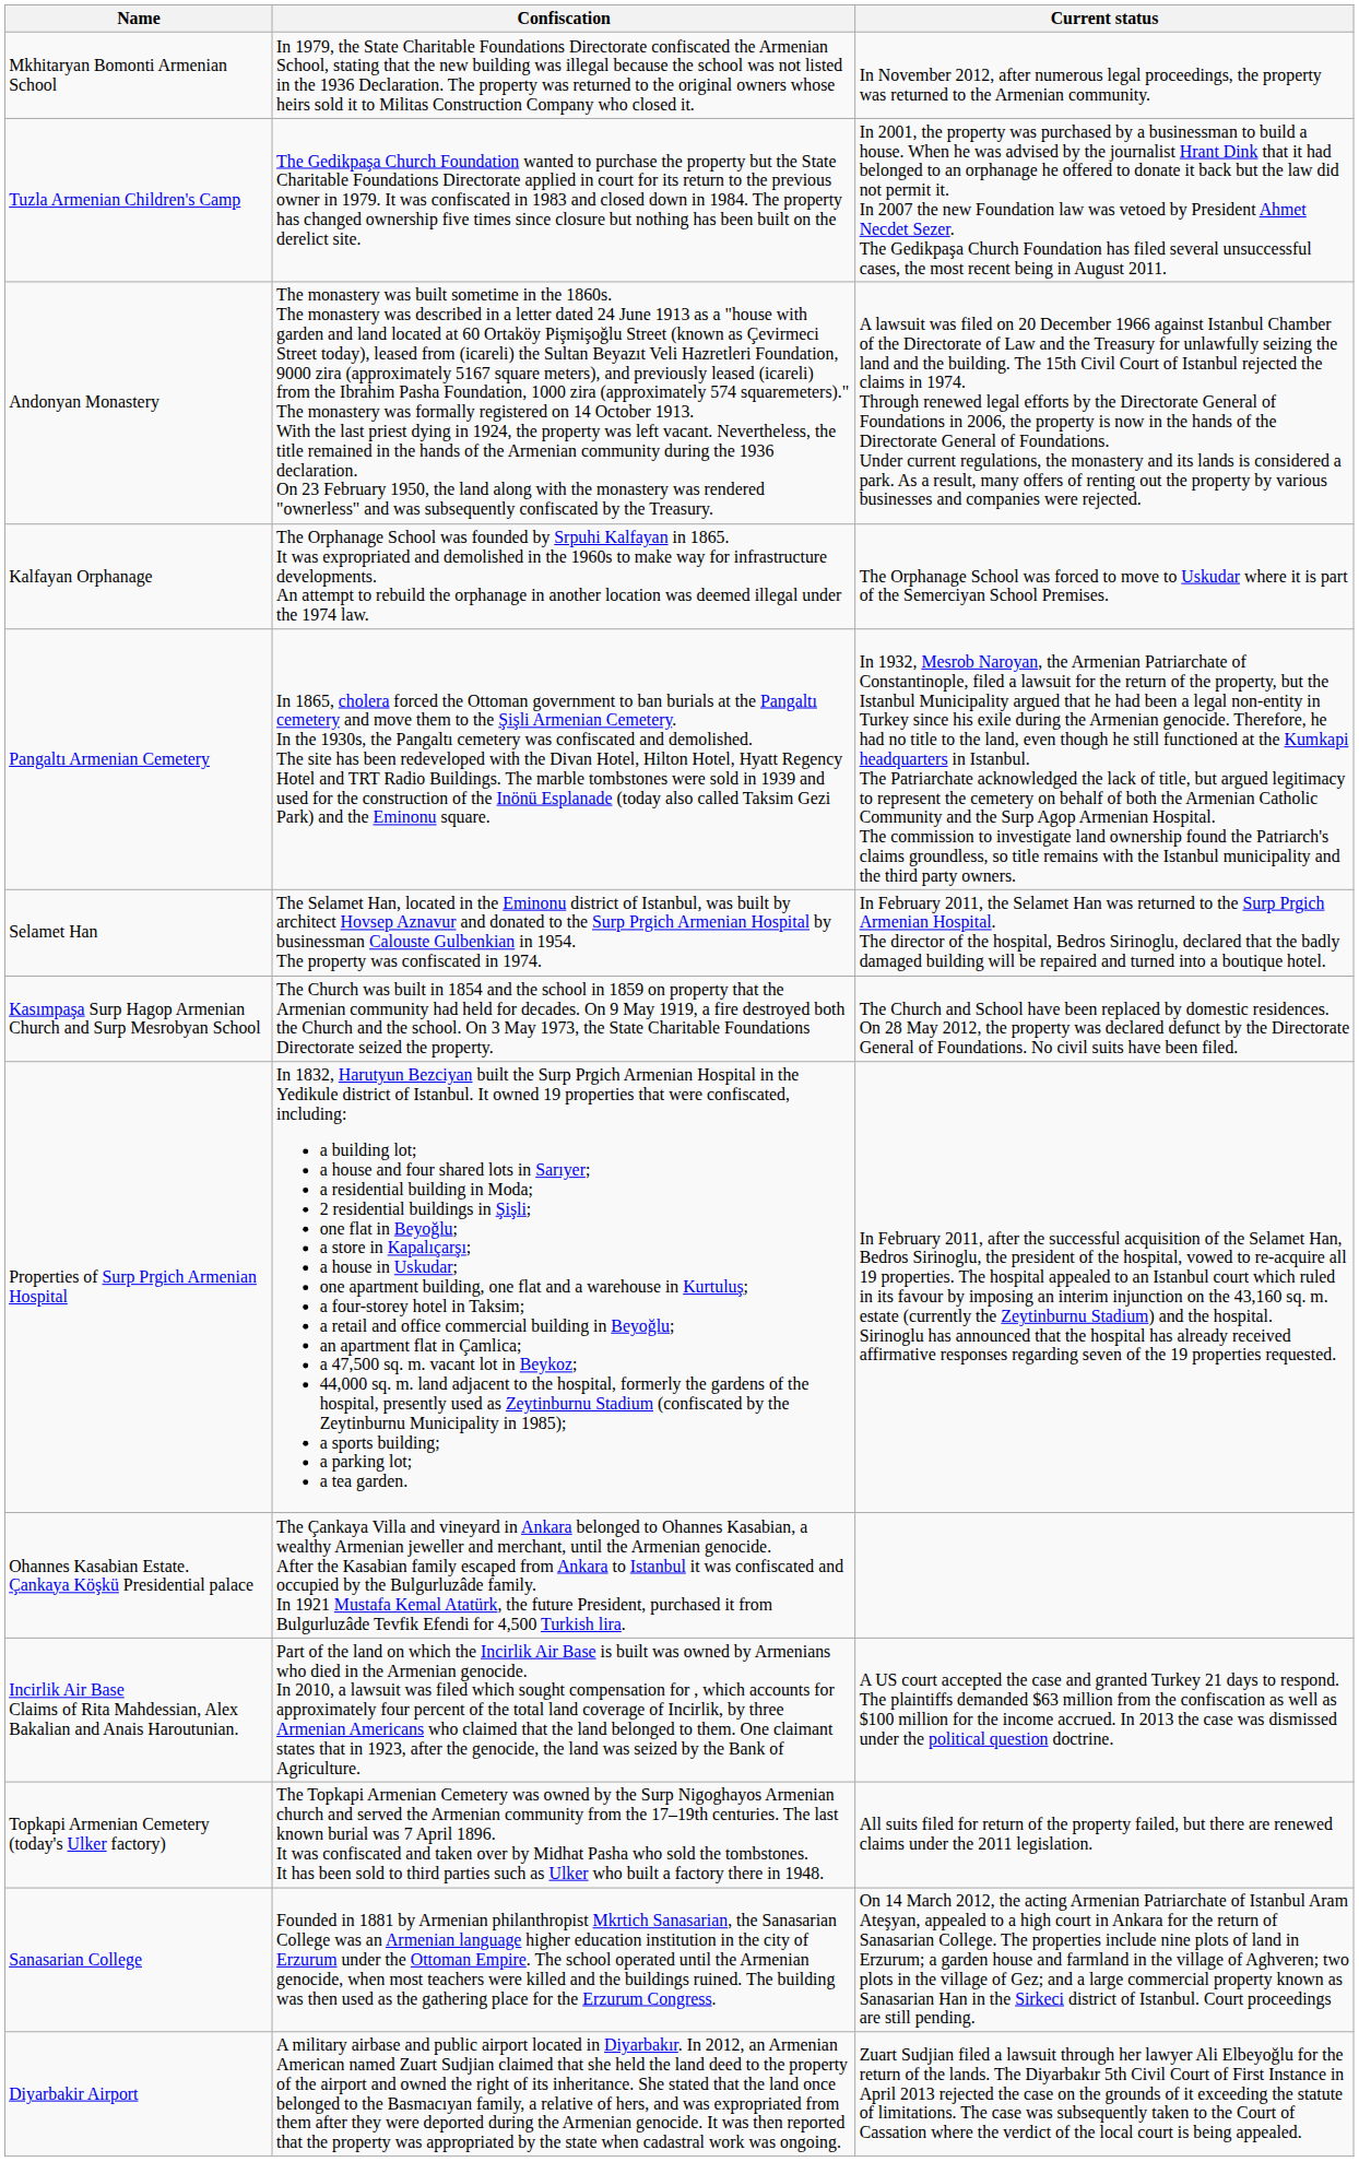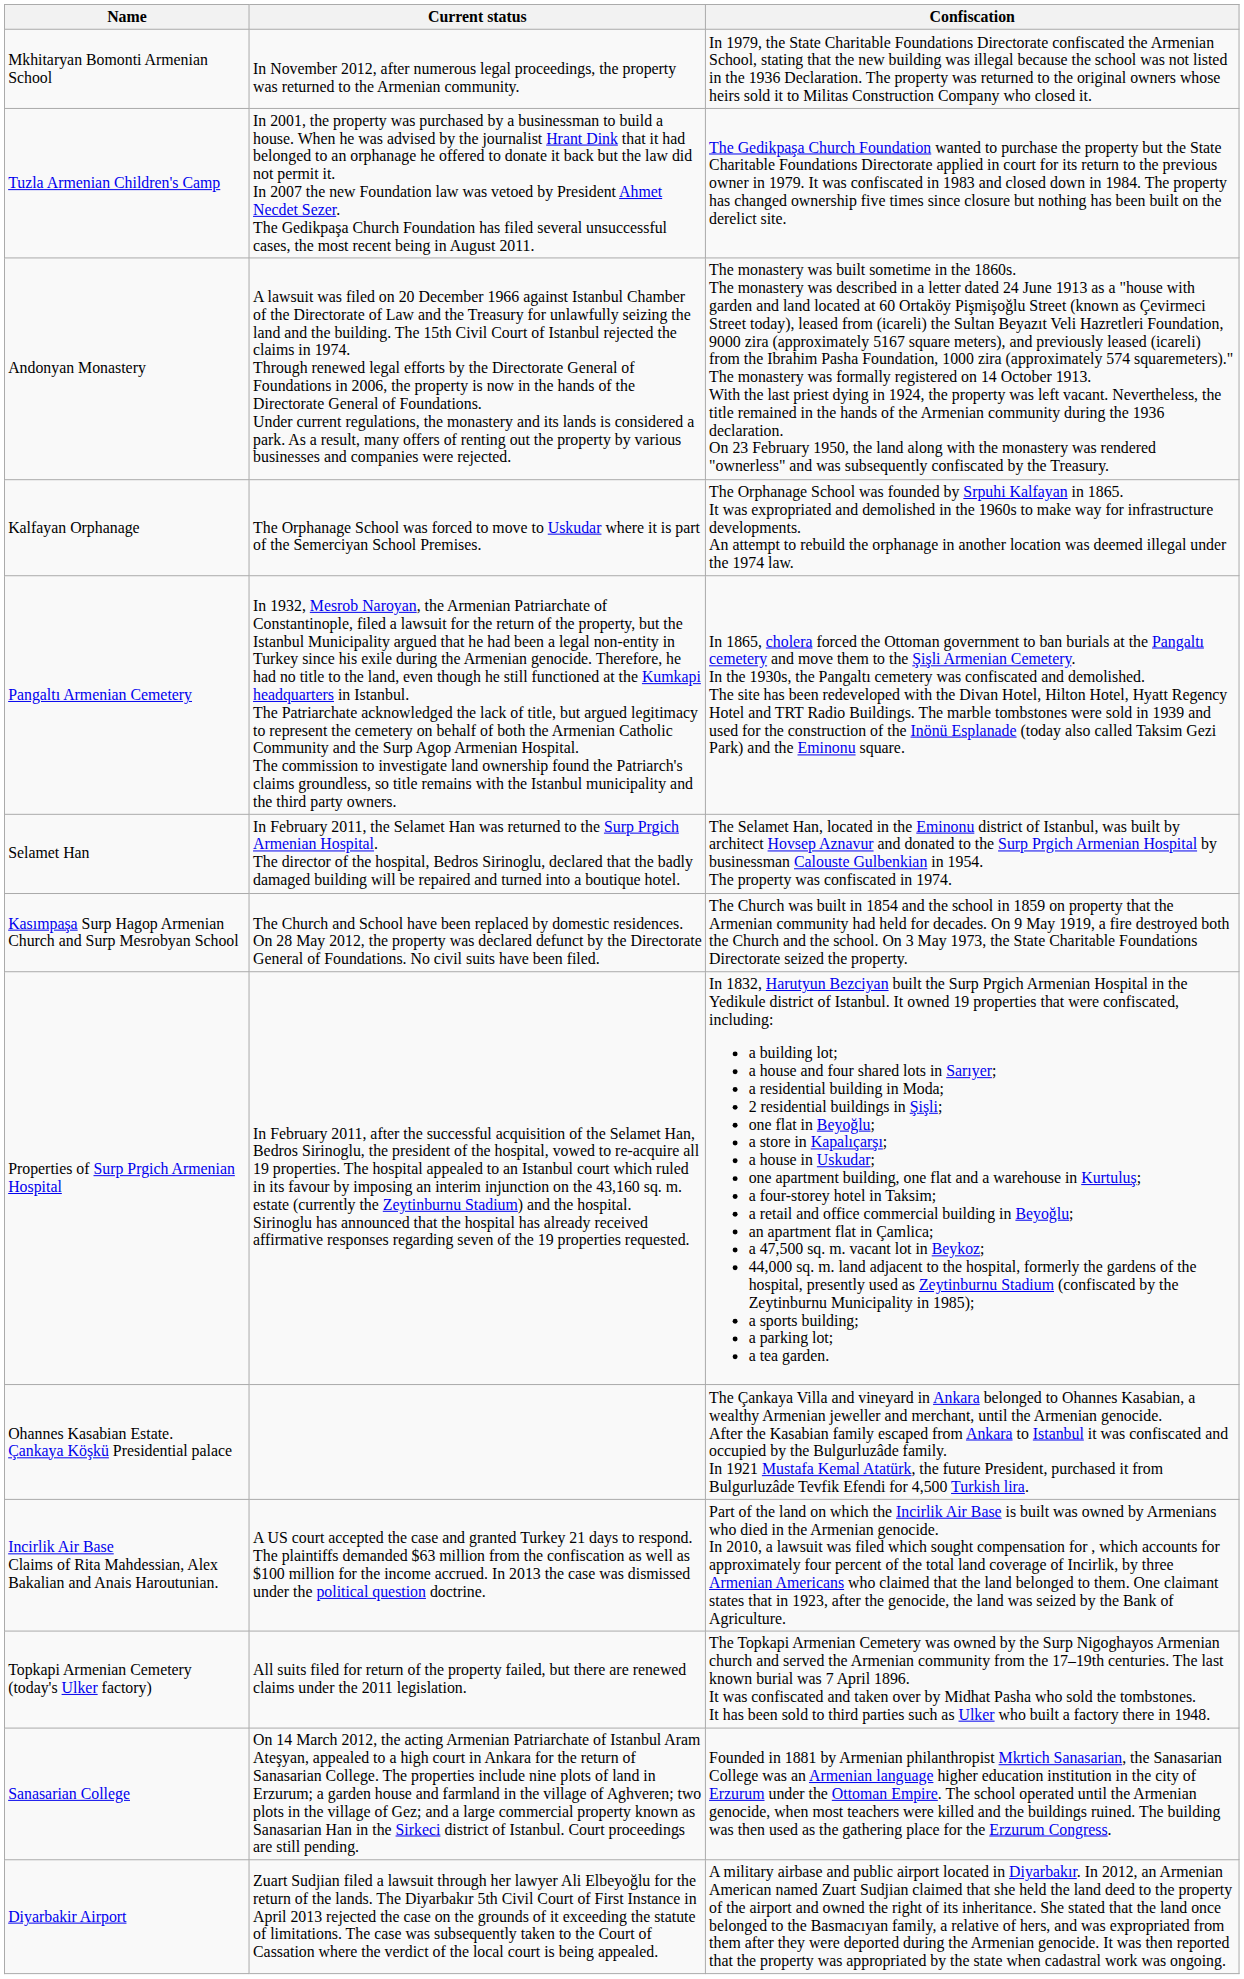 <table class="wikitable">
 <tr>
 <th style="width:15em">Name</th>
+<th>Current status</th>
 <th>Confiscation</th>
-<th>Current status</th>
 </tr>
 <tr>
 <td>Mkhitaryan Bomonti Armenian School</td>
+<td><br> In November 2012, after numerous legal proceedings, the property was returned to the Armenian community.</td>
 <td>In 1979, the State Charitable Foundations Directorate confiscated the Armenian School, stating that the new building was illegal because the school was not listed in the 1936 Declaration. The property was returned to the original owners whose heirs sold it to Militas Construction Company who closed it.</td>
-<td><br> In November 2012, after numerous legal proceedings, the property was returned to the Armenian community.</td>
 </tr>
 <tr>
 <td><a href='#'>Tuzla Armenian Children's Camp</a></td>
+<td>In 2001, the property was purchased by a businessman to build a house. When he was advised by the journalist <a href='#'>Hrant Dink</a> that it had belonged to an orphanage he offered to donate it back but the law did not permit it.<br>In 2007 the new Foundation law was vetoed by President <a href='#'>Ahmet Necdet Sezer</a>.<br>The Gedikpaşa Church Foundation has filed several unsuccessful cases, the most recent being in August 2011.</td>
 <td><a href='#'>The Gedikpaşa Church Foundation</a> wanted to purchase the property but the State Charitable Foundations Directorate applied in court for its return to the previous owner in 1979. It was confiscated in 1983 and closed down in 1984. The property has changed ownership five times since closure but nothing has been built on the derelict site.</td>
-<td>In 2001, the property was purchased by a businessman to build a house. When he was advised by the journalist <a href='#'>Hrant Dink</a> that it had belonged to an orphanage he offered to donate it back but the law did not permit it.<br>In 2007 the new Foundation law was vetoed by President <a href='#'>Ahmet Necdet Sezer</a>.<br>The Gedikpaşa Church Foundation has filed several unsuccessful cases, the most recent being in August 2011.</td>
 </tr>
 <tr>
 <td>Andonyan Monastery</td>
+<td><br>A lawsuit was filed on 20 December 1966 against Istanbul Chamber of the Directorate of Law and the Treasury for unlawfully seizing the land and the building. The 15th Civil Court of Istanbul rejected the claims in 1974.<br>Through renewed legal efforts by the Directorate General of Foundations in 2006, the property is now in the hands of the Directorate General of Foundations.<br>Under current regulations, the monastery and its lands is considered a park. As a result, many offers of renting out the property by various businesses and companies were rejected.</td>
 <td>The monastery was built sometime in the 1860s.<br>The monastery was described in a letter dated 24 June 1913 as a "house with garden and land located at 60 Ortaköy Pişmişoğlu Street (known as Çevirmeci Street today), leased from (icareli) the Sultan Beyazıt Veli Hazretleri Foundation, 9000 zira (approximately 5167 square meters), and previously leased (icareli) from the Ibrahim Pasha Foundation, 1000 zira (approximately 574 squaremeters)."<br>The monastery was formally registered on 14 October 1913.<br>With the last priest dying in 1924, the property was left vacant. Nevertheless, the title remained in the hands of the Armenian community during the 1936 declaration.<br>On 23 February 1950, the land along with the monastery was rendered "ownerless" and was subsequently confiscated by the Treasury.</td>
-<td><br>A lawsuit was filed on 20 December 1966 against Istanbul Chamber of the Directorate of Law and the Treasury for unlawfully seizing the land and the building. The 15th Civil Court of Istanbul rejected the claims in 1974.<br>Through renewed legal efforts by the Directorate General of Foundations in 2006, the property is now in the hands of the Directorate General of Foundations.<br>Under current regulations, the monastery and its lands is considered a park. As a result, many offers of renting out the property by various businesses and companies were rejected.</td>
 </tr>
 <tr>
 <td>Kalfayan Orphanage</td>
+<td><br> The Orphanage School was forced to move to <a href='#'>Uskudar</a> where it is part of the Semerciyan School Premises.</td>
 <td>The Orphanage School was founded by <a href='#'>Srpuhi Kalfayan</a> in 1865.<br>It was expropriated and demolished in the 1960s to make way for infrastructure developments.<br>An attempt to rebuild the orphanage in another location was deemed illegal under the 1974 law.</td>
-<td><br> The Orphanage School was forced to move to <a href='#'>Uskudar</a> where it is part of the Semerciyan School Premises.</td>
 </tr>
 <tr>
 <td><a href='#'>Pangaltı Armenian Cemetery</a></td>
+<td><br> In 1932, <a href='#'>Mesrob Naroyan</a>, the Armenian Patriarchate of Constantinople, filed a lawsuit for the return of the property, but the Istanbul Municipality argued that he had been a legal non-entity in Turkey since his exile during the Armenian genocide. Therefore, he had no title to the land, even though he still functioned at the <a href='#'>Kumkapi headquarters</a> in Istanbul.<br>The Patriarchate acknowledged the lack of title, but argued legitimacy to represent the cemetery on behalf of both the Armenian Catholic Community and the Surp Agop Armenian Hospital.<br>The commission to investigate land ownership found the Patriarch's claims groundless, so title remains with the Istanbul municipality and the third party owners.</td>
 <td>In 1865, <a href='#'>cholera</a> forced the Ottoman government to ban burials at the <a href='#'>Pangaltı cemetery</a> and move them to the <a href='#'>Şişli Armenian Cemetery</a>. <br>In the 1930s, the Pangaltı cemetery was confiscated and demolished.<br>The site has been redeveloped with the Divan Hotel, Hilton Hotel, Hyatt Regency Hotel and TRT Radio Buildings. The marble tombstones were sold in 1939 and used for the construction of the <a href='#'>Inönü Esplanade</a> (today also called Taksim Gezi Park) and the <a href='#'>Eminonu</a> square.</td>
-<td><br> In 1932, <a href='#'>Mesrob Naroyan</a>, the Armenian Patriarchate of Constantinople, filed a lawsuit for the return of the property, but the Istanbul Municipality argued that he had been a legal non-entity in Turkey since his exile during the Armenian genocide. Therefore, he had no title to the land, even though he still functioned at the <a href='#'>Kumkapi headquarters</a> in Istanbul.<br>The Patriarchate acknowledged the lack of title, but argued legitimacy to represent the cemetery on behalf of both the Armenian Catholic Community and the Surp Agop Armenian Hospital.<br>The commission to investigate land ownership found the Patriarch's claims groundless, so title remains with the Istanbul municipality and the third party owners.</td>
 </tr>
 <tr>
 <td>Selamet Han</td>
+<td>In February 2011, the Selamet Han was returned to the <a href='#'>Surp Prgich Armenian Hospital</a>.<br> The director of the hospital, Bedros Sirinoglu, declared that the badly damaged building will be repaired and turned into a boutique hotel.</td>
 <td>The Selamet Han, located in the <a href='#'>Eminonu</a> district of Istanbul, was built by architect <a href='#'>Hovsep Aznavur</a> and donated to the <a href='#'>Surp Prgich Armenian Hospital</a> by businessman <a href='#'>Calouste Gulbenkian</a> in 1954.<br> The property was confiscated in 1974.</td>
-<td>In February 2011, the Selamet Han was returned to the <a href='#'>Surp Prgich Armenian Hospital</a>.<br> The director of the hospital, Bedros Sirinoglu, declared that the badly damaged building will be repaired and turned into a boutique hotel.</td>
 </tr>
 <tr>
 <td><a href='#'>Kasımpaşa</a> Surp Hagop Armenian Church and Surp Mesrobyan School</td>
+<td><br> The Church and School have been replaced by domestic residences. On 28 May 2012, the property was declared defunct by the Directorate General of Foundations. No civil suits have been filed.</td>
 <td>The Church was built in 1854 and the school in 1859 on property that the Armenian community had held for decades. On 9 May 1919, a fire destroyed both the Church and the school. On 3 May 1973, the State Charitable Foundations Directorate seized the property.</td>
-<td><br> The Church and School have been replaced by domestic residences. On 28 May 2012, the property was declared defunct by the Directorate General of Foundations. No civil suits have been filed.</td>
 </tr>
 <tr>
 <td>Properties of <a href='#'>Surp Prgich Armenian Hospital</a></td>
+<td><br>In February 2011, after the successful acquisition of the Selamet Han, Bedros Sirinoglu, the president of the hospital, vowed to re-acquire all 19 properties. The hospital appealed to an Istanbul court which ruled in its favour by imposing an interim injunction on the 43,160 sq. m. estate (currently the <a href='#'>Zeytinburnu Stadium</a>) and the hospital.<br>Sirinoglu has announced that the hospital has already received affirmative responses regarding seven of the 19 properties requested.</td>
 <td>In 1832, <a href='#'>Harutyun Bezciyan</a> built the Surp Prgich Armenian Hospital in the Yedikule district of Istanbul. It owned 19 properties that were confiscated, including:<br><ul><li>a building lot;</li><li>a house and four shared lots in <a href='#'>Sarıyer</a>;</li><li>a residential building in Moda;</li><li>2 residential buildings in <a href='#'>Şişli</a>;</li><li>one flat in <a href='#'>Beyoğlu</a>;</li><li>a store in <a href='#'>Kapalıçarşı</a>;</li><li>a house in <a href='#'>Uskudar</a>;</li><li>one apartment building, one flat and a warehouse in <a href='#'>Kurtuluş</a>;</li><li>a four-storey hotel in Taksim;</li><li>a retail and office commercial building in <a href='#'>Beyoğlu</a>;</li><li>an apartment flat in Çamlica;</li><li>a 47,500 sq. m. vacant lot in <a href='#'>Beykoz</a>;</li><li>44,000 sq. m. land adjacent to the hospital, formerly the gardens of the hospital, presently used as <a href='#'>Zeytinburnu Stadium</a> (confiscated by the Zeytinburnu Municipality in 1985);</li><li>a sports building;</li><li>a parking lot;</li><li>a tea garden.</li></ul></td>
-<td><br>In February 2011, after the successful acquisition of the Selamet Han, Bedros Sirinoglu, the president of the hospital, vowed to re-acquire all 19 properties. The hospital appealed to an Istanbul court which ruled in its favour by imposing an interim injunction on the 43,160 sq. m. estate (currently the <a href='#'>Zeytinburnu Stadium</a>) and the hospital.<br>Sirinoglu has announced that the hospital has already received affirmative responses regarding seven of the 19 properties requested.</td>
 </tr>
 <tr>
 <td>Ohannes Kasabian Estate.<br><a href='#'>Çankaya Köşkü</a> Presidential palace</td>
+<td></td>
 <td>The Çankaya Villa and vineyard in <a href='#'>Ankara</a> belonged to Ohannes Kasabian, a wealthy Armenian jeweller and merchant, until the Armenian genocide.<br>After the Kasabian family escaped from <a href='#'>Ankara</a> to <a href='#'>Istanbul</a> it was confiscated and occupied by the Bulgurluzâde family.<br>In 1921 <a href='#'>Mustafa Kemal Atatürk</a>, the future President, purchased it from Bulgurluzâde Tevfik Efendi for 4,500 <a href='#'>Turkish lira</a>.</td>
-<td></td>
 </tr>
 <tr>
 <td><a href='#'>Incirlik Air Base</a><br>Claims of Rita Mahdessian, Alex Bakalian and Anais Haroutunian.</td>
+<td>A US court accepted the case and granted Turkey 21 days to respond. The plaintiffs demanded $63 million from the confiscation as well as $100 million for the income accrued. In 2013 the case was dismissed under the <a href='#'>political question</a> doctrine.</td>
 <td>Part of the land on which the <a href='#'>Incirlik Air Base</a> is built was owned by Armenians who died in the Armenian genocide.<br>In 2010, a lawsuit was filed which sought compensation for , which accounts for approximately four percent of the total land coverage of Incirlik, by three <a href='#'>Armenian Americans</a> who claimed that the land belonged to them. One claimant states that in 1923, after the genocide, the land was seized by the Bank of Agriculture.</td>
-<td>A US court accepted the case and granted Turkey 21 days to respond. The plaintiffs demanded $63 million from the confiscation as well as $100 million for the income accrued. In 2013 the case was dismissed under the <a href='#'>political question</a> doctrine.</td>
 </tr>
 <tr>
 <td>Topkapi Armenian Cemetery <br>(today's <a href='#'>Ulker</a> factory)</td>
+<td>All suits filed for return of the property failed, but there are renewed claims under the 2011 legislation.</td>
 <td>The Topkapi Armenian Cemetery was owned by the Surp Nigoghayos Armenian church and served the Armenian community from the 17–19th centuries. The last known burial was 7 April 1896.<br> It was confiscated and taken over by Midhat Pasha who sold the tombstones.<br>It has been sold to third parties such as <a href='#'>Ulker</a> who built a factory there in 1948.</td>
-<td>All suits filed for return of the property failed, but there are renewed claims under the 2011 legislation.</td>
 </tr>
 <tr>
 <td><a href='#'>Sanasarian College</a></td>
+<td>On 14 March 2012, the acting Armenian Patriarchate of Istanbul Aram Ateşyan, appealed to a high court in Ankara for the return of Sanasarian College. The properties include nine plots of land in Erzurum; a garden house and farmland in the village of Aghveren; two plots in the village of Gez; and a large commercial property known as Sanasarian Han in the <a href='#'>Sirkeci</a> district of Istanbul. Court proceedings are still pending.</td>
 <td>Founded in 1881 by Armenian philanthropist <a href='#'>Mkrtich Sanasarian</a>, the Sanasarian College was an <a href='#'>Armenian language</a> higher education institution in the city of <a href='#'>Erzurum</a> under the <a href='#'>Ottoman Empire</a>. The school operated until the Armenian genocide, when most teachers were killed and the buildings ruined. The building was then used as the gathering place for the <a href='#'>Erzurum Congress</a>.</td>
-<td>On 14 March 2012, the acting Armenian Patriarchate of Istanbul Aram Ateşyan, appealed to a high court in Ankara for the return of Sanasarian College. The properties include nine plots of land in Erzurum; a garden house and farmland in the village of Aghveren; two plots in the village of Gez; and a large commercial property known as Sanasarian Han in the <a href='#'>Sirkeci</a> district of Istanbul. Court proceedings are still pending.</td>
 </tr>
 <tr>
 <td><a href='#'>Diyarbakir Airport</a></td>
+<td>Zuart Sudjian filed a lawsuit through her lawyer Ali Elbeyoğlu for the return of the lands. The Diyarbakır 5th Civil Court of First Instance in April 2013 rejected the case on the grounds of it exceeding the statute of limitations. The case was subsequently taken to the Court of Cassation where the verdict of the local court is being appealed.</td>
 <td>A military airbase and public airport located in <a href='#'>Diyarbakır</a>. In 2012, an Armenian American named Zuart Sudjian claimed that she held the land deed to the property of the airport and owned the right of its inheritance. She stated that the land once belonged to the Basmacıyan family, a relative of hers, and was expropriated from them after they were deported during the Armenian genocide. It was then reported that the property was appropriated by the state when cadastral work was ongoing.</td>
-<td>Zuart Sudjian filed a lawsuit through her lawyer Ali Elbeyoğlu for the return of the lands. The Diyarbakır 5th Civil Court of First Instance in April 2013 rejected the case on the grounds of it exceeding the statute of limitations. The case was subsequently taken to the Court of Cassation where the verdict of the local court is being appealed.</td>
 </tr>
 </table>
